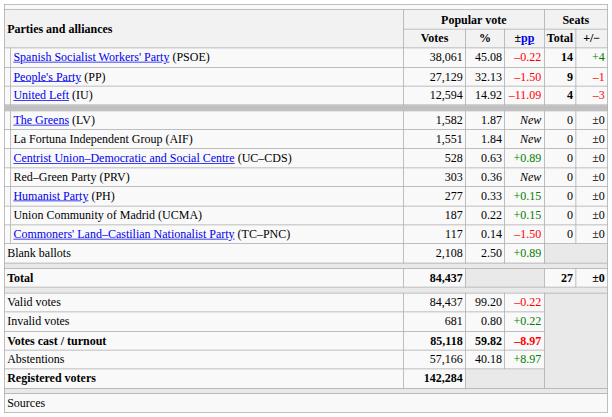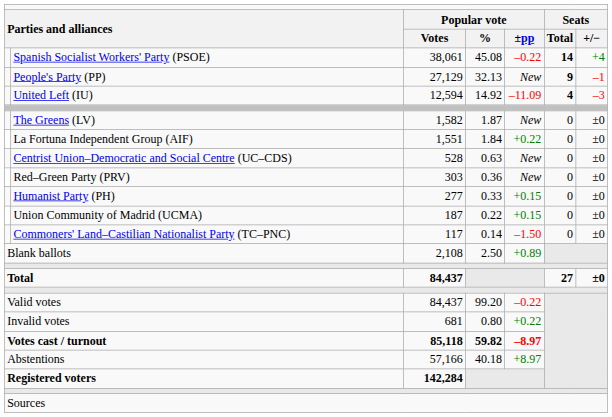 <table class="wikitable" style="text-align:right;">
 <tr>
 <td colspan="7"></td>
 </tr>
 <tr>
 <th style="text-align:left;" rowspan="2" colspan="2" width="525">Parties and alliances</th>
 <th colspan="3">Popular vote</th>
 <th colspan="2">Seats</th>
 </tr>
 <tr>
 <th width="75">Votes</th>
 <th width="45">%</th>
 <th width="45">±<a href='#'>pp</a></th>
 <th width="35">Total</th>
 <th width="35">+/−</th>
 </tr>
 <tr>
 <td width="1" style="color:inherit;background:"></td>
 <td align="left"><a href='#'>Spanish Socialist Workers' Party</a> (PSOE)</td>
 <td>38,061</td>
 <td>45.08</td>
 <td style="color:red;">–0.22</td>
 <td><strong>14</strong></td>
 <td style="color:green;">+4</td>
 </tr>
 <tr>
 <td style="color:inherit;background:"></td>
 <td align="left"><a href='#'>People's Party</a> (PP)</td>
 <td>27,129</td>
 <td>32.13</td>
-<td style="color:red;">–1.50</td>
+<td><em>New</em></td>
 <td><strong>9</strong></td>
 <td style="color:red;">–1</td>
 </tr>
 <tr>
 <td style="color:inherit;background:"></td>
 <td align="left"><a href='#'>United Left</a> (IU)</td>
 <td>12,594</td>
 <td>14.92</td>
 <td style="color:red;">–11.09</td>
 <td><strong>4</strong></td>
 <td style="color:red;">–3</td>
 </tr>
 <tr>
 <td colspan="7" bgcolor="#C0C0C0"></td>
 </tr>
 <tr>
 <td style="color:inherit;background:"></td>
 <td align="left"><a href='#'>The Greens</a> (LV)</td>
 <td>1,582</td>
 <td>1.87</td>
 <td><em>New</em></td>
 <td>0</td>
 <td>±0</td>
 </tr>
 <tr>
 <td bgcolor="white"></td>
 <td align="left">La Fortuna Independent Group (AIF)</td>
 <td>1,551</td>
 <td>1.84</td>
-<td><em>New</em></td>
+<td style="color:green;">+0.22</td>
 <td>0</td>
 <td>±0</td>
 </tr>
 <tr>
 <td style="color:inherit;background:"></td>
 <td align="left"><a href='#'>Centrist Union–Democratic and Social Centre</a> (UC–CDS)</td>
 <td>528</td>
 <td>0.63</td>
-<td style="color:green;">+0.89</td>
+<td><em>New</em></td>
 <td>0</td>
 <td>±0</td>
 </tr>
 <tr>
 <td bgcolor="white"></td>
 <td align="left">Red–Green Party (PRV)</td>
 <td>303</td>
 <td>0.36</td>
 <td><em>New</em></td>
 <td>0</td>
 <td>±0</td>
 </tr>
 <tr>
 <td style="color:inherit;background:"></td>
 <td align="left"><a href='#'>Humanist Party</a> (PH)</td>
 <td>277</td>
 <td>0.33</td>
 <td style="color:green;">+0.15</td>
 <td>0</td>
 <td>±0</td>
 </tr>
 <tr>
 <td bgcolor="white"></td>
 <td align="left">Union Community of Madrid (UCMA)</td>
 <td>187</td>
 <td>0.22</td>
 <td style="color:green;">+0.15</td>
 <td>0</td>
 <td>±0</td>
 </tr>
 <tr>
 <td style="color:inherit;background:"></td>
 <td align="left"><a href='#'>Commoners' Land–Castilian Nationalist Party</a> (TC–PNC)</td>
 <td>117</td>
 <td>0.14</td>
 <td style="color:red;">–1.50</td>
 <td>0</td>
 <td>±0</td>
 </tr>
 <tr>
 <td align="left" colspan="2">Blank ballots</td>
 <td>2,108</td>
 <td>2.50</td>
 <td style="color:green;">+0.89</td>
 <td bgcolor="#E9E9E9" colspan="2"></td>
 </tr>
 <tr>
 <td colspan="7" bgcolor="#E9E9E9"></td>
 </tr>
 <tr style="font-weight:bold;">
 <td align="left" colspan="2">Total</td>
 <td>84,437</td>
 <td bgcolor="#E9E9E9" colspan="2"></td>
 <td>27</td>
 <td>±0</td>
 </tr>
 <tr>
 <td colspan="7" bgcolor="#E9E9E9"></td>
 </tr>
 <tr>
 <td align="left" colspan="2">Valid votes</td>
 <td>84,437</td>
 <td>99.20</td>
 <td style="color:red;">–0.22</td>
 <td bgcolor="#E9E9E9" colspan="2" rowspan="5"></td>
 </tr>
 <tr>
 <td align="left" colspan="2">Invalid votes</td>
 <td>681</td>
 <td>0.80</td>
 <td style="color:green;">+0.22</td>
 </tr>
 <tr style="font-weight:bold;">
 <td align="left" colspan="2">Votes cast / turnout</td>
 <td>85,118</td>
 <td>59.82</td>
 <td style="color:red;">–8.97</td>
 </tr>
 <tr>
 <td align="left" colspan="2">Abstentions</td>
 <td>57,166</td>
 <td>40.18</td>
 <td style="color:green;">+8.97</td>
 </tr>
 <tr style="font-weight:bold;">
 <td align="left" colspan="2">Registered voters</td>
 <td>142,284</td>
 <td bgcolor="#E9E9E9" colspan="2"></td>
 </tr>
 <tr>
 <td colspan="7" bgcolor="#E9E9E9"></td>
 </tr>
 <tr>
 <td align="left" colspan="7">Sources</td>
 </tr>
 </table>
